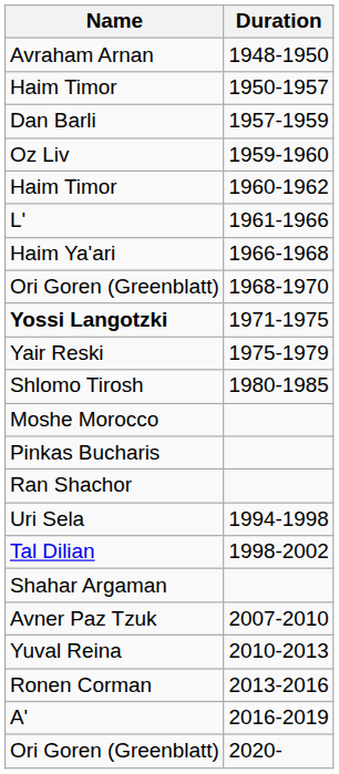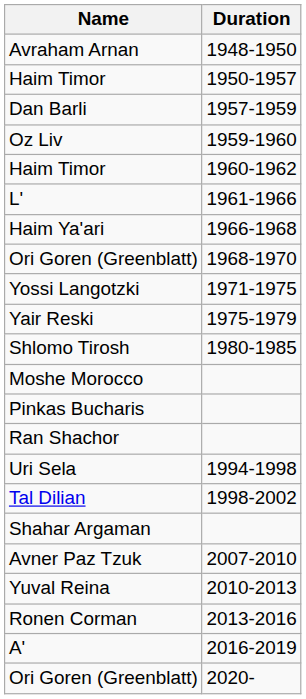 <table class="wikitable">
 <tr>
 <th>Name</th>
 <th>Duration</th>
 </tr>
 <tr>
 <td>Avraham Arnan</td>
 <td>1948-1950</td>
 </tr>
 <tr>
 <td>Haim Timor</td>
 <td>1950-1957</td>
 </tr>
 <tr>
 <td>Dan Barli</td>
 <td>1957-1959</td>
 </tr>
 <tr>
 <td>Oz Liv</td>
 <td>1959-1960</td>
 </tr>
 <tr>
 <td>Haim Timor</td>
 <td>1960-1962</td>
 </tr>
 <tr>
 <td>L'</td>
 <td>1961-1966</td>
 </tr>
 <tr>
 <td>Haim Ya'ari</td>
 <td>1966-1968</td>
 </tr>
 <tr>
 <td>Ori Goren (Greenblatt)</td>
 <td>1968-1970</td>
 </tr>
 <tr>
-<td><strong>Yossi Langotzki</strong></td>
+<td>Yossi Langotzki</td>
 <td>1971-1975</td>
 </tr>
 <tr>
 <td>Yair Reski</td>
 <td>1975-1979</td>
 </tr>
 <tr>
 <td>Shlomo Tirosh</td>
 <td>1980-1985</td>
 </tr>
 <tr>
 <td>Moshe Morocco</td>
 <td></td>
 </tr>
 <tr>
 <td>Pinkas Bucharis</td>
 <td></td>
 </tr>
 <tr>
 <td>Ran Shachor</td>
 <td></td>
 </tr>
 <tr>
 <td>Uri Sela</td>
 <td>1994-1998</td>
 </tr>
 <tr>
 <td><a href='#'>Tal Dilian</a></td>
 <td>1998-2002</td>
 </tr>
 <tr>
 <td>Shahar Argaman</td>
 <td></td>
 </tr>
 <tr>
 <td>Avner Paz Tzuk</td>
 <td>2007-2010</td>
 </tr>
 <tr>
 <td>Yuval Reina</td>
 <td>2010-2013</td>
 </tr>
 <tr>
 <td>Ronen Corman</td>
 <td>2013-2016</td>
 </tr>
 <tr>
 <td>A'</td>
 <td>2016-2019</td>
 </tr>
 <tr>
 <td>Ori Goren (Greenblatt)</td>
 <td>2020-</td>
 </tr>
 </table>
